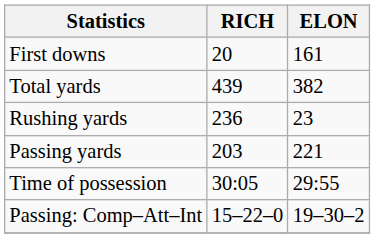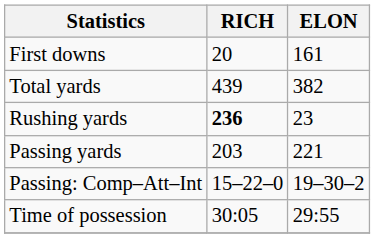 <table class="wikitable" style="float: left;">
 <tr>
 <th>Statistics</th>
 <th>RICH</th>
 <th>ELON</th>
 </tr>
 <tr>
 <td>First downs</td>
 <td>20</td>
 <td>161</td>
 </tr>
 <tr>
 <td>Total yards</td>
 <td>439</td>
 <td>382</td>
 </tr>
 <tr>
 <td>Rushing yards</td>
-<td>236</td>
+<td><strong>236</strong></td>
 <td>23</td>
 </tr>
 <tr>
 <td>Passing yards</td>
 <td>203</td>
 <td>221</td>
 </tr>
 <tr>
+<td>Passing: Comp–Att–Int</td>
+<td>15–22–0</td>
+<td>19–30–2</td>
+</tr>
+<tr>
 <td>Time of possession</td>
 <td>30:05</td>
 <td>29:55</td>
 </tr>
 <tr>
-<td>Passing: Comp–Att–Int</td>
-<td>15–22–0</td>
-<td>19–30–2</td>
-</tr>
-<tr>
 </tr>
 </table>
